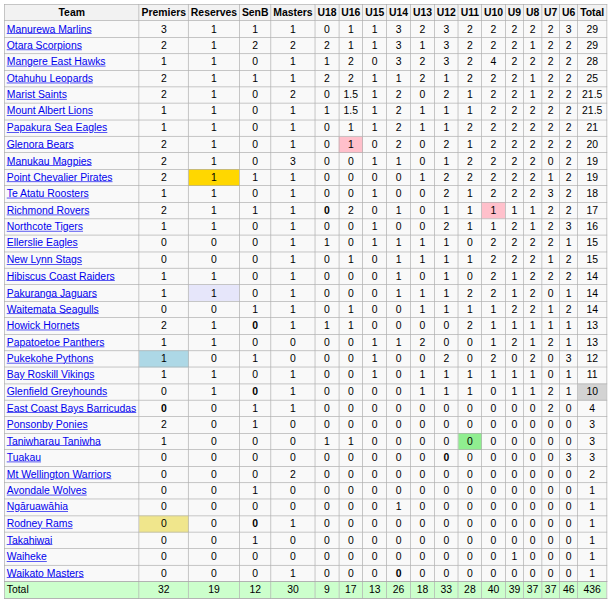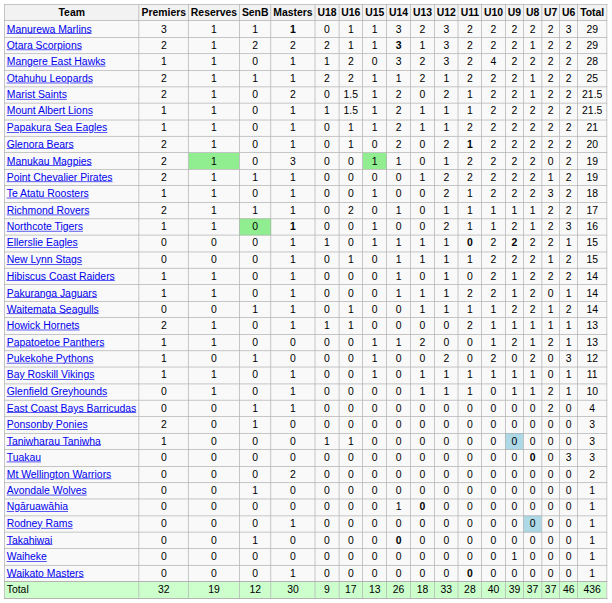 <table class="wikitable" style="text-align:center;">
 <tr>
 <th width=200>Team</th>
 <th width=20 abbr="Premiers">Premiers</th>
 <th width=20 abbr="Reserves">Reserves</th>
 <th width=35 abbr="Sen B">SenB</th>
 <th width=20 abbr="Masters">Masters</th>
 <th width=20 abbr="Under 18">U18</th>
 <th width=20 abbr="Under 16">U16</th>
 <th width=20 abbr="Under 15">U15</th>
 <th width=20 abbr="Under 14">U14</th>
 <th width=20 abbr="Under 13">U13</th>
 <th width=20 abbr="Under 12">U12</th>
 <th width=20 abbr="Under 11">U11</th>
 <th width=20 abbr="Under 10">U10</th>
 <th width=20 abbr="Under 9">U9</th>
 <th width=20 abbr="Under 8">U8</th>
 <th width=20 abbr="Under 7">U7</th>
 <th width=20 abbr="Under 6">U6</th>
 <th width=20 abbr="Total">Total</th>
 </tr>
 <tr>
 <td style="text-align:left;"><a href='#'>Manurewa Marlins</a></td>
 <td>3</td>
 <td>1</td>
 <td>1</td>
-<td>1</td>
+<td><strong>1</strong></td>
 <td>0</td>
 <td>1</td>
 <td>1</td>
 <td>3</td>
 <td>2</td>
 <td>3</td>
 <td>2</td>
 <td>2</td>
 <td>2</td>
 <td>2</td>
 <td>2</td>
 <td>3</td>
 <td>29</td>
 </tr>
 <tr>
 <td style="text-align:left;"><a href='#'>Otara Scorpions</a></td>
 <td>2</td>
 <td>1</td>
 <td>2</td>
 <td>2</td>
 <td>2</td>
 <td>1</td>
 <td>1</td>
-<td>3</td>
+<td><strong>3</strong></td>
 <td>1</td>
 <td>3</td>
 <td>2</td>
 <td>2</td>
 <td>2</td>
 <td>1</td>
 <td>2</td>
 <td>2</td>
 <td>29</td>
 </tr>
 <tr>
 <td style="text-align:left;"><a href='#'>Mangere East Hawks</a></td>
 <td>1</td>
 <td>1</td>
 <td>0</td>
 <td>1</td>
 <td>1</td>
 <td>2</td>
 <td>0</td>
 <td>3</td>
 <td>2</td>
 <td>3</td>
 <td>2</td>
 <td>4</td>
 <td>2</td>
 <td>2</td>
 <td>2</td>
 <td>2</td>
 <td>28</td>
 </tr>
 <tr>
 <td style="text-align:left;"><a href='#'>Otahuhu Leopards</a></td>
 <td>2</td>
 <td>1</td>
 <td>1</td>
 <td>1</td>
 <td>2</td>
 <td>2</td>
 <td>1</td>
 <td>1</td>
 <td>2</td>
 <td>1</td>
 <td>2</td>
 <td>2</td>
 <td>2</td>
 <td>1</td>
 <td>2</td>
 <td>2</td>
 <td>25</td>
 </tr>
 <tr>
 <td style="text-align:left;"><a href='#'>Marist Saints</a></td>
 <td>2</td>
 <td>1</td>
 <td>0</td>
 <td>2</td>
 <td>0</td>
 <td>1.5</td>
 <td>1</td>
 <td>2</td>
 <td>0</td>
 <td>2</td>
 <td>1</td>
 <td>2</td>
 <td>2</td>
 <td>1</td>
 <td>2</td>
 <td>2</td>
 <td>21.5</td>
 </tr>
 <tr>
 <td style="text-align:left;"><a href='#'>Mount Albert Lions</a></td>
 <td>1</td>
 <td>1</td>
 <td>0</td>
 <td>1</td>
 <td>1</td>
 <td>1.5</td>
 <td>1</td>
 <td>2</td>
 <td>1</td>
 <td>1</td>
 <td>1</td>
 <td>2</td>
 <td>2</td>
 <td>2</td>
 <td>2</td>
 <td>2</td>
 <td>21.5</td>
 </tr>
 <tr>
 <td style="text-align:left;"><a href='#'>Papakura Sea Eagles</a></td>
 <td>1</td>
 <td>1</td>
 <td>0</td>
 <td>1</td>
 <td>0</td>
 <td>1</td>
 <td>1</td>
 <td>2</td>
 <td>1</td>
 <td>1</td>
 <td>2</td>
 <td>2</td>
 <td>2</td>
 <td>2</td>
 <td>2</td>
 <td>2</td>
 <td>21</td>
 </tr>
 <tr>
 <td style="text-align:left;"><a href='#'>Glenora Bears</a></td>
 <td>2</td>
 <td>1</td>
 <td>0</td>
 <td>1</td>
 <td>0</td>
-<td style="background: pink;">1</td>
+<td>1</td>
 <td>0</td>
 <td>2</td>
 <td>0</td>
 <td>2</td>
-<td>1</td>
+<td><strong>1</strong></td>
 <td>2</td>
 <td>2</td>
 <td>2</td>
 <td>2</td>
 <td>2</td>
 <td>20</td>
 </tr>
 <tr>
 <td style="text-align:left;"><a href='#'>Manukau Magpies</a></td>
 <td>2</td>
-<td>1</td>
+<td style="background: lightgreen;">1</td>
 <td>0</td>
 <td>3</td>
 <td>0</td>
 <td>0</td>
-<td>1</td>
+<td style="background: lightgreen;">1</td>
 <td>1</td>
 <td>0</td>
 <td>1</td>
 <td>2</td>
 <td>2</td>
 <td>2</td>
 <td>2</td>
 <td>0</td>
 <td>2</td>
 <td>19</td>
 </tr>
 <tr>
 <td style="text-align:left;"><a href='#'>Point Chevalier Pirates</a></td>
 <td>2</td>
-<td style="background: gold;">1</td>
+<td>1</td>
 <td>1</td>
 <td>1</td>
 <td>0</td>
 <td>0</td>
 <td>0</td>
 <td>0</td>
 <td>1</td>
 <td>2</td>
 <td>2</td>
 <td>2</td>
 <td>2</td>
 <td>2</td>
 <td>1</td>
 <td>2</td>
 <td>19</td>
 </tr>
 <tr>
 <td style="text-align:left;"><a href='#'>Te Atatu Roosters</a></td>
 <td>1</td>
 <td>1</td>
 <td>0</td>
 <td>1</td>
 <td>0</td>
 <td>0</td>
 <td>1</td>
 <td>0</td>
 <td>0</td>
 <td>2</td>
 <td>1</td>
 <td>2</td>
 <td>2</td>
 <td>2</td>
 <td>3</td>
 <td>2</td>
 <td>18</td>
 </tr>
 <tr>
 <td style="text-align:left;"><a href='#'>Richmond Rovers</a></td>
 <td>2</td>
 <td>1</td>
 <td>1</td>
 <td>1</td>
-<td><strong>0</strong></td>
+<td>0</td>
 <td>2</td>
 <td>0</td>
 <td>1</td>
 <td>0</td>
 <td>1</td>
 <td>1</td>
-<td style="background: pink;">1</td>
+<td>1</td>
 <td>1</td>
 <td>1</td>
 <td>2</td>
 <td>2</td>
 <td>17</td>
 </tr>
 <tr>
 <td style="text-align:left;"><a href='#'>Northcote Tigers</a></td>
 <td>1</td>
 <td>1</td>
-<td>0</td>
-<td>1</td>
+<td style="background: lightgreen;">0</td>
+<td><strong>1</strong></td>
 <td>0</td>
 <td>0</td>
 <td>1</td>
 <td>0</td>
 <td>0</td>
 <td>2</td>
 <td>1</td>
 <td>1</td>
 <td>2</td>
 <td>1</td>
 <td>2</td>
 <td>3</td>
 <td>16</td>
 </tr>
 <tr>
 <td style="text-align:left;"><a href='#'>Ellerslie Eagles</a></td>
 <td>0</td>
 <td>0</td>
 <td>0</td>
 <td>1</td>
 <td>1</td>
 <td>0</td>
 <td>1</td>
 <td>1</td>
 <td>1</td>
 <td>1</td>
-<td>0</td>
+<td><strong>0</strong></td>
 <td>2</td>
-<td>2</td>
+<td><strong>2</strong></td>
 <td>2</td>
 <td>2</td>
 <td>1</td>
 <td>15</td>
 </tr>
 <tr>
 <td style="text-align:left;"><a href='#'>New Lynn Stags</a></td>
 <td>0</td>
 <td>0</td>
 <td>0</td>
 <td>1</td>
 <td>0</td>
 <td>1</td>
 <td>0</td>
 <td>1</td>
 <td>1</td>
 <td>1</td>
 <td>1</td>
 <td>2</td>
 <td>2</td>
 <td>2</td>
 <td>1</td>
 <td>2</td>
 <td>15</td>
 </tr>
 <tr>
 <td style="text-align:left;"><a href='#'>Hibiscus Coast Raiders</a></td>
 <td>1</td>
 <td>1</td>
 <td>0</td>
 <td>1</td>
 <td>0</td>
 <td>0</td>
 <td>0</td>
 <td>1</td>
 <td>0</td>
 <td>1</td>
 <td>0</td>
 <td>2</td>
 <td>1</td>
 <td>2</td>
 <td>2</td>
 <td>2</td>
 <td>14</td>
 </tr>
 <tr>
 <td style="text-align:left;"><a href='#'>Pakuranga Jaguars</a></td>
 <td>1</td>
-<td style="background: lavender;">1</td>
+<td>1</td>
 <td>0</td>
 <td>1</td>
 <td>0</td>
 <td>0</td>
 <td>0</td>
 <td>1</td>
 <td>1</td>
 <td>1</td>
 <td>2</td>
 <td>2</td>
 <td>1</td>
 <td>2</td>
 <td>0</td>
 <td>1</td>
 <td>14</td>
 </tr>
 <tr>
 <td style="text-align:left;"><a href='#'>Waitemata Seagulls</a></td>
 <td>0</td>
 <td>0</td>
 <td>1</td>
 <td>1</td>
 <td>0</td>
 <td>1</td>
 <td>0</td>
 <td>0</td>
 <td>1</td>
 <td>1</td>
 <td>1</td>
 <td>1</td>
 <td>2</td>
 <td>2</td>
 <td>1</td>
 <td>2</td>
 <td>14</td>
 </tr>
 <tr>
 <td style="text-align:left;"><a href='#'>Howick Hornets</a></td>
 <td>2</td>
 <td>1</td>
-<td><strong>0</strong></td>
+<td>0</td>
 <td>1</td>
 <td>1</td>
 <td>1</td>
 <td>0</td>
 <td>0</td>
 <td>0</td>
 <td>0</td>
 <td>2</td>
 <td>1</td>
 <td>1</td>
 <td>1</td>
 <td>1</td>
 <td>1</td>
 <td>13</td>
 </tr>
 <tr>
 <td style="text-align:left;"><a href='#'>Papatoetoe Panthers</a></td>
 <td>1</td>
 <td>1</td>
 <td>0</td>
 <td>0</td>
 <td>0</td>
 <td>0</td>
 <td>1</td>
 <td>1</td>
 <td>2</td>
 <td>0</td>
 <td>0</td>
 <td>1</td>
 <td>2</td>
 <td>1</td>
 <td>2</td>
 <td>1</td>
 <td>13</td>
 </tr>
 <tr>
 <td style="text-align:left;"><a href='#'>Pukekohe Pythons</a></td>
-<td style="background: lightblue;">1</td>
+<td>1</td>
 <td>0</td>
 <td>1</td>
 <td>0</td>
 <td>0</td>
 <td>0</td>
 <td>1</td>
 <td>0</td>
 <td>0</td>
 <td>2</td>
 <td>0</td>
 <td>2</td>
 <td>0</td>
 <td>2</td>
 <td>0</td>
 <td>3</td>
 <td>12</td>
 </tr>
 <tr>
 <td style="text-align:left;"><a href='#'>Bay Roskill Vikings</a></td>
 <td>1</td>
 <td>1</td>
 <td>0</td>
 <td>1</td>
 <td>0</td>
 <td>0</td>
 <td>1</td>
 <td>0</td>
 <td>1</td>
 <td>1</td>
 <td>1</td>
 <td>1</td>
 <td>1</td>
 <td>1</td>
 <td>0</td>
 <td>1</td>
 <td>11</td>
 </tr>
 <tr>
 <td style="text-align:left;"><a href='#'>Glenfield Greyhounds</a></td>
 <td>0</td>
 <td>1</td>
-<td><strong>0</strong></td>
+<td>0</td>
 <td>1</td>
 <td>0</td>
 <td>0</td>
 <td>0</td>
 <td>0</td>
 <td>1</td>
 <td>1</td>
 <td>1</td>
 <td>0</td>
 <td>1</td>
 <td>1</td>
 <td>2</td>
 <td>1</td>
-<td style="background: lightgrey;">10</td>
+<td>10</td>
 </tr>
 <tr>
 <td style="text-align:left;"><a href='#'>East Coast Bays Barricudas</a></td>
-<td><strong>0</strong></td>
+<td>0</td>
 <td>0</td>
 <td>1</td>
 <td>1</td>
 <td>0</td>
 <td>0</td>
 <td>0</td>
 <td>0</td>
 <td>0</td>
 <td>0</td>
 <td>0</td>
 <td>0</td>
 <td>0</td>
 <td>0</td>
 <td>2</td>
 <td>0</td>
 <td>4</td>
 </tr>
 <tr>
 <td style="text-align:left;"><a href='#'>Ponsonby Ponies</a></td>
 <td>2</td>
 <td>0</td>
 <td>1</td>
 <td>0</td>
 <td>0</td>
 <td>0</td>
 <td>0</td>
 <td>0</td>
 <td>0</td>
 <td>0</td>
 <td>0</td>
 <td>0</td>
 <td>0</td>
 <td>0</td>
 <td>0</td>
 <td>0</td>
 <td>3</td>
 </tr>
 <tr>
 <td style="text-align:left;"><a href='#'>Taniwharau Taniwha</a></td>
 <td>1</td>
 <td>0</td>
 <td>0</td>
 <td>0</td>
 <td>1</td>
 <td>1</td>
 <td>0</td>
 <td>0</td>
 <td>0</td>
 <td>0</td>
-<td style="background: lightgreen;">0</td>
 <td>0</td>
 <td>0</td>
+<td style="background: lightblue;">0</td>
 <td>0</td>
 <td>0</td>
 <td>0</td>
 <td>3</td>
 </tr>
 <tr>
 <td style="text-align:left;"><a href='#'>Tuakau</a></td>
 <td>0</td>
 <td>0</td>
 <td>0</td>
 <td>0</td>
 <td>0</td>
 <td>0</td>
 <td>0</td>
 <td>0</td>
 <td>0</td>
-<td><strong>0</strong></td>
 <td>0</td>
 <td>0</td>
 <td>0</td>
 <td>0</td>
+<td><strong>0</strong></td>
 <td>0</td>
 <td>3</td>
 <td>3</td>
 </tr>
 <tr>
 <td style="text-align:left;"><a href='#'>Mt Wellington Warriors</a></td>
 <td>0</td>
 <td>0</td>
 <td>0</td>
 <td>2</td>
 <td>0</td>
 <td>0</td>
 <td>0</td>
 <td>0</td>
 <td>0</td>
 <td>0</td>
 <td>0</td>
 <td>0</td>
 <td>0</td>
 <td>0</td>
 <td>0</td>
 <td>0</td>
 <td>2</td>
 </tr>
 <tr>
 <td style="text-align:left;"><a href='#'>Avondale Wolves</a></td>
 <td>0</td>
 <td>0</td>
 <td>1</td>
 <td>0</td>
 <td>0</td>
 <td>0</td>
 <td>0</td>
 <td>0</td>
 <td>0</td>
 <td>0</td>
 <td>0</td>
 <td>0</td>
 <td>0</td>
 <td>0</td>
 <td>0</td>
 <td>0</td>
 <td>1</td>
 </tr>
 <tr>
 <td style="text-align:left;"><a href='#'>Ngāruawāhia</a></td>
 <td>0</td>
 <td>0</td>
 <td>0</td>
 <td>0</td>
 <td>0</td>
 <td>0</td>
 <td>0</td>
 <td>1</td>
-<td>0</td>
+<td><strong>0</strong></td>
 <td>0</td>
 <td>0</td>
 <td>0</td>
 <td>0</td>
 <td>0</td>
 <td>0</td>
 <td>0</td>
 <td>1</td>
 </tr>
 <tr>
 <td style="text-align:left;"><a href='#'>Rodney Rams</a></td>
-<td style="background: khaki;">0</td>
 <td>0</td>
-<td><strong>0</strong></td>
+<td>0</td>
+<td>0</td>
 <td>1</td>
 <td>0</td>
 <td>0</td>
 <td>0</td>
 <td>0</td>
 <td>0</td>
 <td>0</td>
 <td>0</td>
 <td>0</td>
 <td>0</td>
-<td>0</td>
+<td style="background: lightblue;">0</td>
 <td>0</td>
 <td>0</td>
 <td>1</td>
 </tr>
 <tr>
 <td style="text-align:left;"><a href='#'>Takahiwai</a></td>
 <td>0</td>
 <td>0</td>
 <td>1</td>
 <td>0</td>
 <td>0</td>
 <td>0</td>
 <td>0</td>
-<td>0</td>
+<td><strong>0</strong></td>
 <td>0</td>
 <td>0</td>
 <td>0</td>
 <td>0</td>
 <td>0</td>
 <td>0</td>
 <td>0</td>
 <td>0</td>
 <td>1</td>
 </tr>
 <tr>
 <td style="text-align:left;"><a href='#'>Waiheke</a></td>
 <td>0</td>
 <td>0</td>
 <td>0</td>
 <td>0</td>
 <td>0</td>
 <td>0</td>
 <td>0</td>
 <td>0</td>
 <td>0</td>
 <td>0</td>
 <td>0</td>
 <td>0</td>
 <td>1</td>
 <td>0</td>
 <td>0</td>
 <td>0</td>
 <td>1</td>
 </tr>
 <tr>
 <td style="text-align:left;"><a href='#'>Waikato Masters</a></td>
 <td>0</td>
 <td>0</td>
 <td>0</td>
 <td>1</td>
 <td>0</td>
 <td>0</td>
 <td>0</td>
-<td><strong>0</strong></td>
 <td>0</td>
 <td>0</td>
 <td>0</td>
+<td><strong>0</strong></td>
 <td>0</td>
 <td>0</td>
 <td>0</td>
 <td>0</td>
 <td>0</td>
 <td>1</td>
 </tr>
 <tr>
 </tr>
 <tr style="background: #ccffcc;">
 <td style="text-align:left;">Total</td>
 <td>32</td>
 <td>19</td>
 <td>12</td>
 <td>30</td>
 <td>9</td>
 <td>17</td>
 <td>13</td>
 <td>26</td>
 <td>18</td>
 <td>33</td>
 <td>28</td>
 <td>40</td>
 <td>39</td>
 <td>37</td>
 <td>37</td>
 <td>46</td>
 <td>436</td>
 </tr>
 <tr>
 </tr>
 </table>
